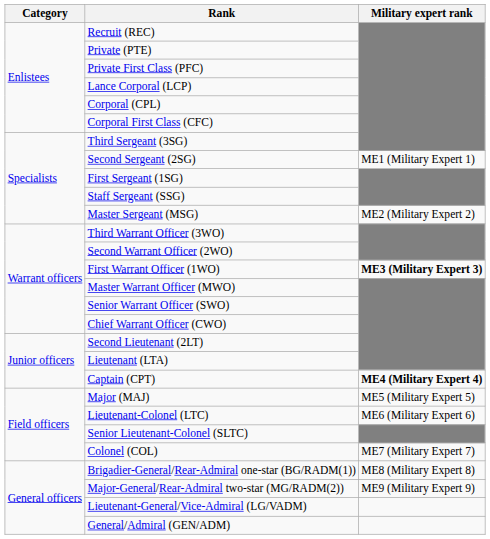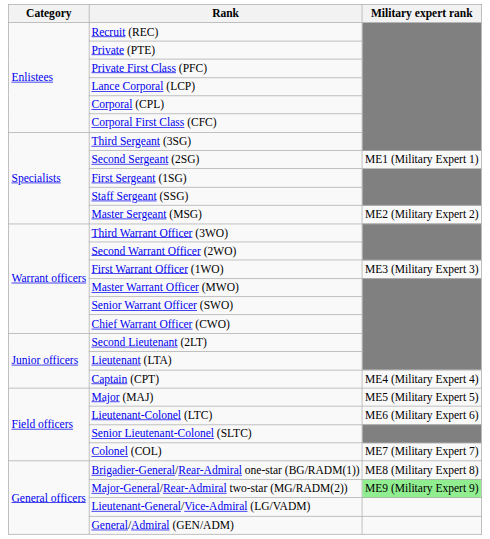 <table class="wikitable" style="margin-left: auto; margin-right: auto; border: none;">
 <tr>
 <th>Category</th>
 <th>Rank</th>
 <th>Military expert rank</th>
 </tr>
 <tr>
 <td rowspan="6"><a href='#'>Enlistees</a></td>
 <td><a href='#'>Recruit</a> (REC)</td>
 <td rowspan="7" style="background: gray;"></td>
 </tr>
 <tr>
 <td><a href='#'>Private</a> (PTE)</td>
 </tr>
 <tr>
 <td><a href='#'>Private First Class</a> (PFC)</td>
 </tr>
 <tr>
 <td><a href='#'>Lance Corporal</a> (LCP)</td>
 </tr>
 <tr>
 <td><a href='#'>Corporal</a> (CPL)</td>
 </tr>
 <tr>
 <td><a href='#'>Corporal First Class</a> (CFC)</td>
 </tr>
 <tr>
 <td rowspan="5"><a href='#'>Specialists</a></td>
 <td><a href='#'>Third Sergeant</a> (3SG)</td>
 </tr>
 <tr>
 <td><a href='#'>Second Sergeant</a> (2SG)</td>
 <td>ME1 (Military Expert 1)</td>
 </tr>
 <tr>
 <td><a href='#'>First Sergeant</a> (1SG)</td>
 <td rowspan="2" style="background: gray;"></td>
 </tr>
 <tr>
 <td><a href='#'>Staff Sergeant</a> (SSG)</td>
 </tr>
 <tr>
 <td><a href='#'>Master Sergeant</a> (MSG)</td>
 <td>ME2 (Military Expert 2)</td>
 </tr>
 <tr>
 <td rowspan="6"><a href='#'>Warrant officers</a></td>
 <td><a href='#'>Third Warrant Officer</a> (3WO)</td>
 <td rowspan="2" style="background: gray;"></td>
 </tr>
 <tr>
 <td><a href='#'>Second Warrant Officer</a> (2WO)</td>
 </tr>
 <tr>
 <td><a href='#'>First Warrant Officer</a> (1WO)</td>
-<td><strong>ME3 (Military Expert 3)</strong></td>
+<td>ME3 (Military Expert 3)</td>
 </tr>
 <tr>
 <td><a href='#'>Master Warrant Officer</a> (MWO)</td>
 <td rowspan="5" style="background: gray;"></td>
 </tr>
 <tr>
 <td><a href='#'>Senior Warrant Officer</a> (SWO)</td>
 </tr>
 <tr>
 <td><a href='#'>Chief Warrant Officer</a> (CWO)</td>
 </tr>
 <tr>
 <td rowspan="3"><a href='#'>Junior officers</a></td>
 <td><a href='#'>Second Lieutenant</a> (2LT)</td>
 </tr>
 <tr>
 <td><a href='#'>Lieutenant</a> (LTA)</td>
 </tr>
 <tr>
 <td><a href='#'>Captain</a> (CPT)</td>
-<td><strong>ME4 (Military Expert 4)</strong></td>
+<td>ME4 (Military Expert 4)</td>
 </tr>
 <tr>
 <td rowspan="4"><a href='#'>Field officers</a></td>
 <td><a href='#'>Major</a> (MAJ)</td>
 <td>ME5 (Military Expert 5)</td>
 </tr>
 <tr>
 <td><a href='#'>Lieutenant-Colonel</a> (LTC)</td>
 <td>ME6 (Military Expert 6)</td>
 </tr>
 <tr>
 <td><a href='#'>Senior Lieutenant-Colonel</a> (SLTC)</td>
 <td rowspan="1" style="background: gray;"></td>
 </tr>
 <tr>
 <td><a href='#'>Colonel</a> (COL)</td>
 <td>ME7 (Military Expert 7)</td>
 </tr>
 <tr>
 <td rowspan="4"><a href='#'>General officers</a></td>
 <td><a href='#'>Brigadier-General</a>/<a href='#'>Rear-Admiral</a> one-star (BG/RADM(1))</td>
 <td>ME8 (Military Expert 8)</td>
 </tr>
 <tr>
 <td><a href='#'>Major-General</a>/<a href='#'>Rear-Admiral</a> two-star (MG/RADM(2))</td>
-<td>ME9 (Military Expert 9)</td>
+<td style="background: lightgreen;">ME9 (Military Expert 9)</td>
 </tr>
 <tr>
 <td><a href='#'>Lieutenant-General</a>/<a href='#'>Vice-Admiral</a> (LG/VADM)</td>
 <td></td>
 </tr>
 <tr>
 <td><a href='#'>General</a>/<a href='#'>Admiral</a> (GEN/ADM)</td>
 <td></td>
 </tr>
 </table>
